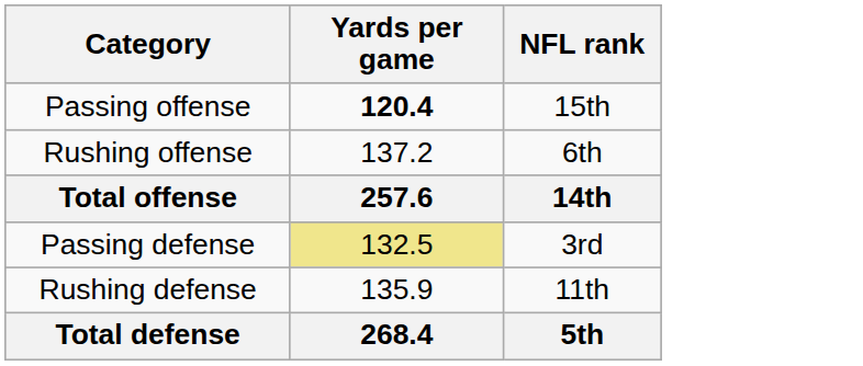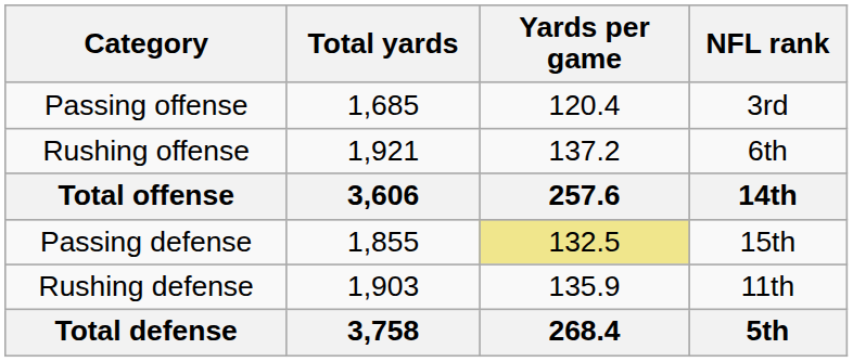 <table class="wikitable" style="text-align:center">
 <tr>
 <th width=150px>Category</th>
+<th width=100px>Total yards</th>
 <th width=110px>Yards per game</th>
 <th width=80px>NFL rank<br></th>
 </tr>
 <tr>
 <td>Passing offense</td>
-<td><strong>120.4</strong></td>
-<td>15th</td>
+<td>1,685</td>
+<td>120.4</td>
+<td>3rd</td>
 </tr>
 <tr>
 <td>Rushing offense</td>
+<td>1,921</td>
 <td>137.2</td>
 <td>6th</td>
 </tr>
 <tr>
 <th>Total offense</th>
+<th>3,606</th>
 <th>257.6</th>
 <th>14th</th>
 </tr>
 <tr>
 <td>Passing defense</td>
+<td>1,855</td>
 <td style="background: khaki;">132.5</td>
-<td>3rd</td>
+<td>15th</td>
 </tr>
 <tr>
 <td>Rushing defense</td>
+<td>1,903</td>
 <td>135.9</td>
 <td>11th</td>
 </tr>
 <tr>
 <th>Total defense</th>
+<th>3,758</th>
 <th>268.4</th>
 <th>5th</th>
 </tr>
 </table>
